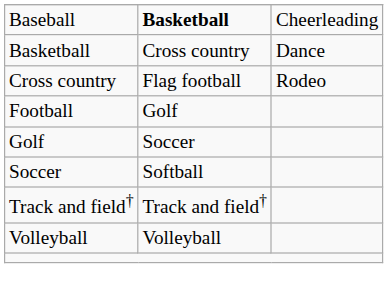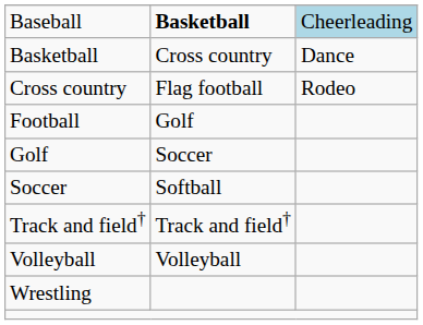 <table class="wikitable" style="float:center; clear:right; margin:0 0;">
 <tr>
 </tr>
 <tr>
 <td>Baseball</td>
 <td><strong>Basketball</strong></td>
-<td>Cheerleading</td>
+<td style="background: lightblue;">Cheerleading</td>
 </tr>
 <tr>
 <td>Basketball</td>
 <td>Cross country</td>
 <td>Dance</td>
 </tr>
 <tr>
 <td>Cross country</td>
 <td>Flag football</td>
 <td>Rodeo</td>
 </tr>
 <tr>
 <td>Football</td>
 <td>Golf</td>
 <td></td>
 </tr>
 <tr>
 <td>Golf</td>
 <td>Soccer</td>
 <td></td>
 </tr>
 <tr>
 <td>Soccer</td>
 <td>Softball</td>
 <td></td>
 </tr>
 <tr>
 <td>Track and field<sup>†</sup></td>
 <td>Track and field<sup>†</sup></td>
 <td></td>
 </tr>
 <tr>
 <td>Volleyball</td>
 <td>Volleyball</td>
 <td></td>
 </tr>
 <tr>
+<td>Wrestling</td>
+<td></td>
+<td></td>
+</tr>
+<tr>
 <td colspan="3"></td>
 </tr>
 </table>
